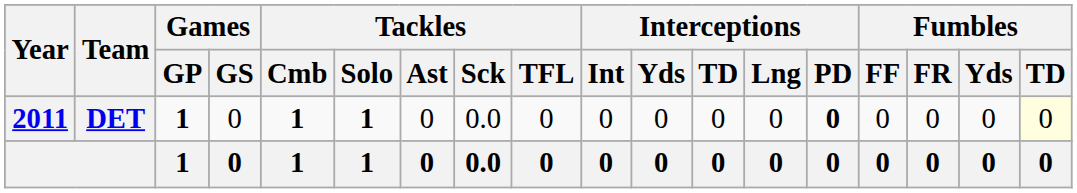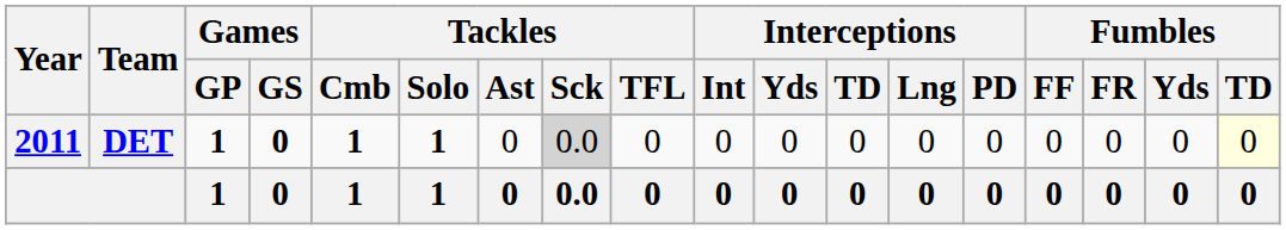 <table class="wikitable" style="text-align:center">
 <tr>
 <th rowspan="2">Year</th>
 <th rowspan="2">Team</th>
 <th colspan="2">Games</th>
 <th colspan="5">Tackles</th>
 <th colspan="5">Interceptions</th>
 <th colspan="4">Fumbles</th>
 </tr>
 <tr>
 <th>GP</th>
 <th>GS</th>
 <th>Cmb</th>
 <th>Solo</th>
 <th>Ast</th>
 <th>Sck</th>
 <th>TFL</th>
 <th>Int</th>
 <th>Yds</th>
 <th>TD</th>
 <th>Lng</th>
 <th>PD</th>
 <th>FF</th>
 <th>FR</th>
 <th>Yds</th>
 <th>TD</th>
 </tr>
 <tr>
 <th><a href='#'>2011</a></th>
 <th><a href='#'>DET</a></th>
 <td><strong>1</strong></td>
-<td>0</td>
+<td><strong>0</strong></td>
 <td><strong>1</strong></td>
 <td><strong>1</strong></td>
 <td>0</td>
-<td>0.0</td>
+<td style="background: lightgrey;">0.0</td>
 <td>0</td>
 <td>0</td>
 <td>0</td>
 <td>0</td>
 <td>0</td>
-<td><strong>0</strong></td>
+<td>0</td>
 <td>0</td>
 <td>0</td>
 <td>0</td>
 <td style="background: lightyellow;">0</td>
 </tr>
 <tr>
 <th colspan="2"></th>
 <th>1</th>
 <th>0</th>
 <th>1</th>
 <th>1</th>
 <th>0</th>
 <th>0.0</th>
 <th>0</th>
 <th>0</th>
 <th>0</th>
 <th>0</th>
 <th>0</th>
 <th>0</th>
 <th>0</th>
 <th>0</th>
 <th>0</th>
 <th>0</th>
 </tr>
 </table>
